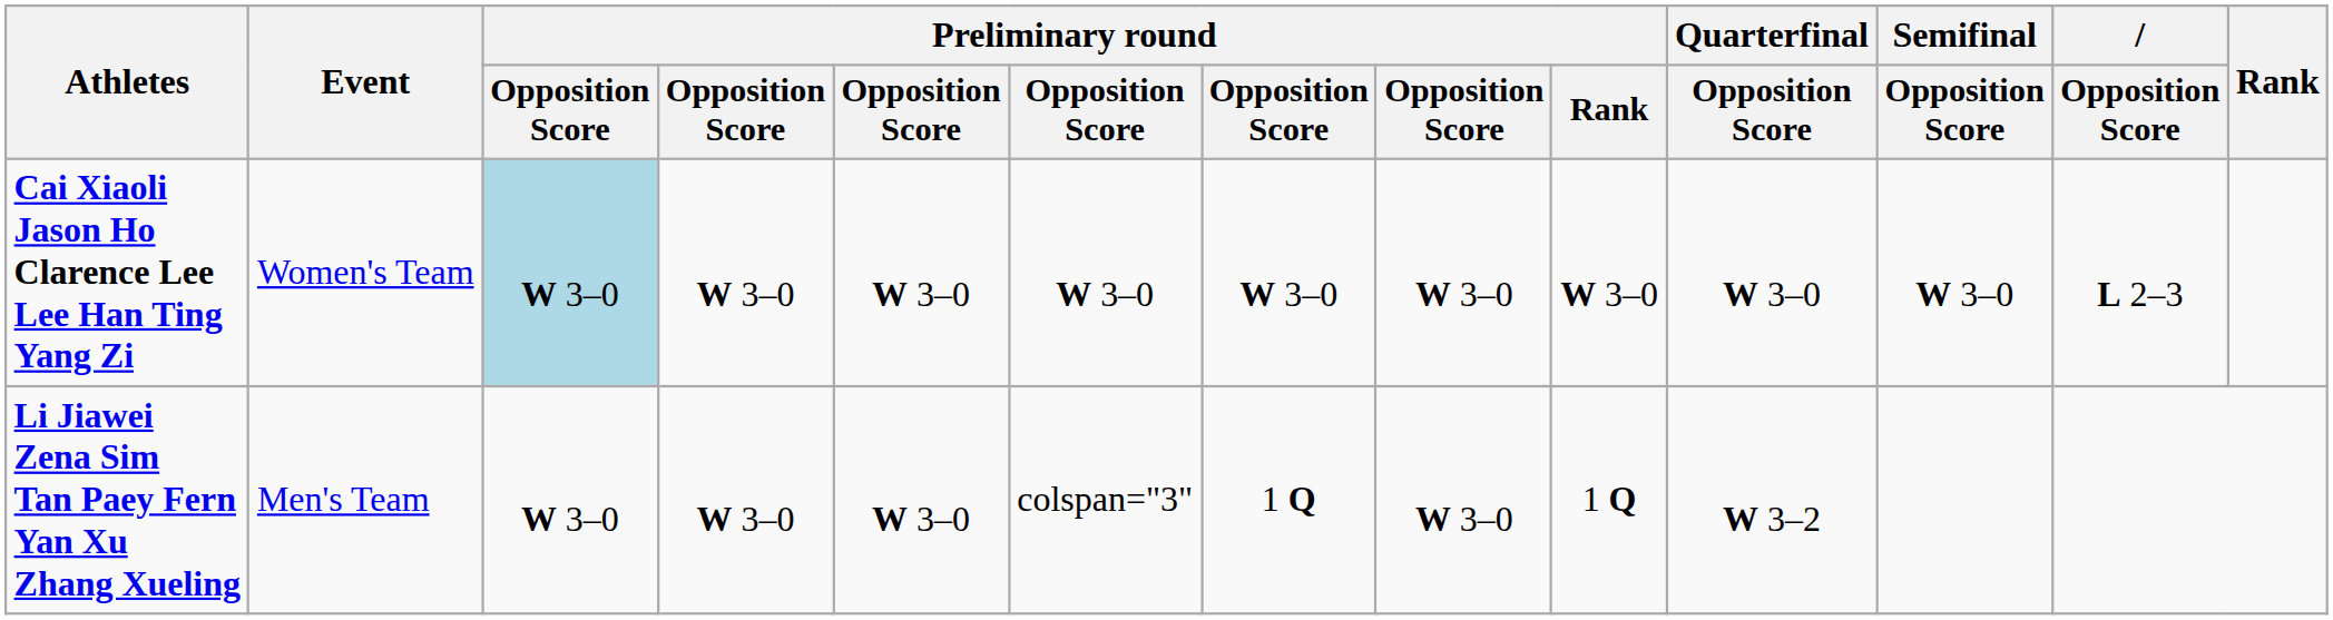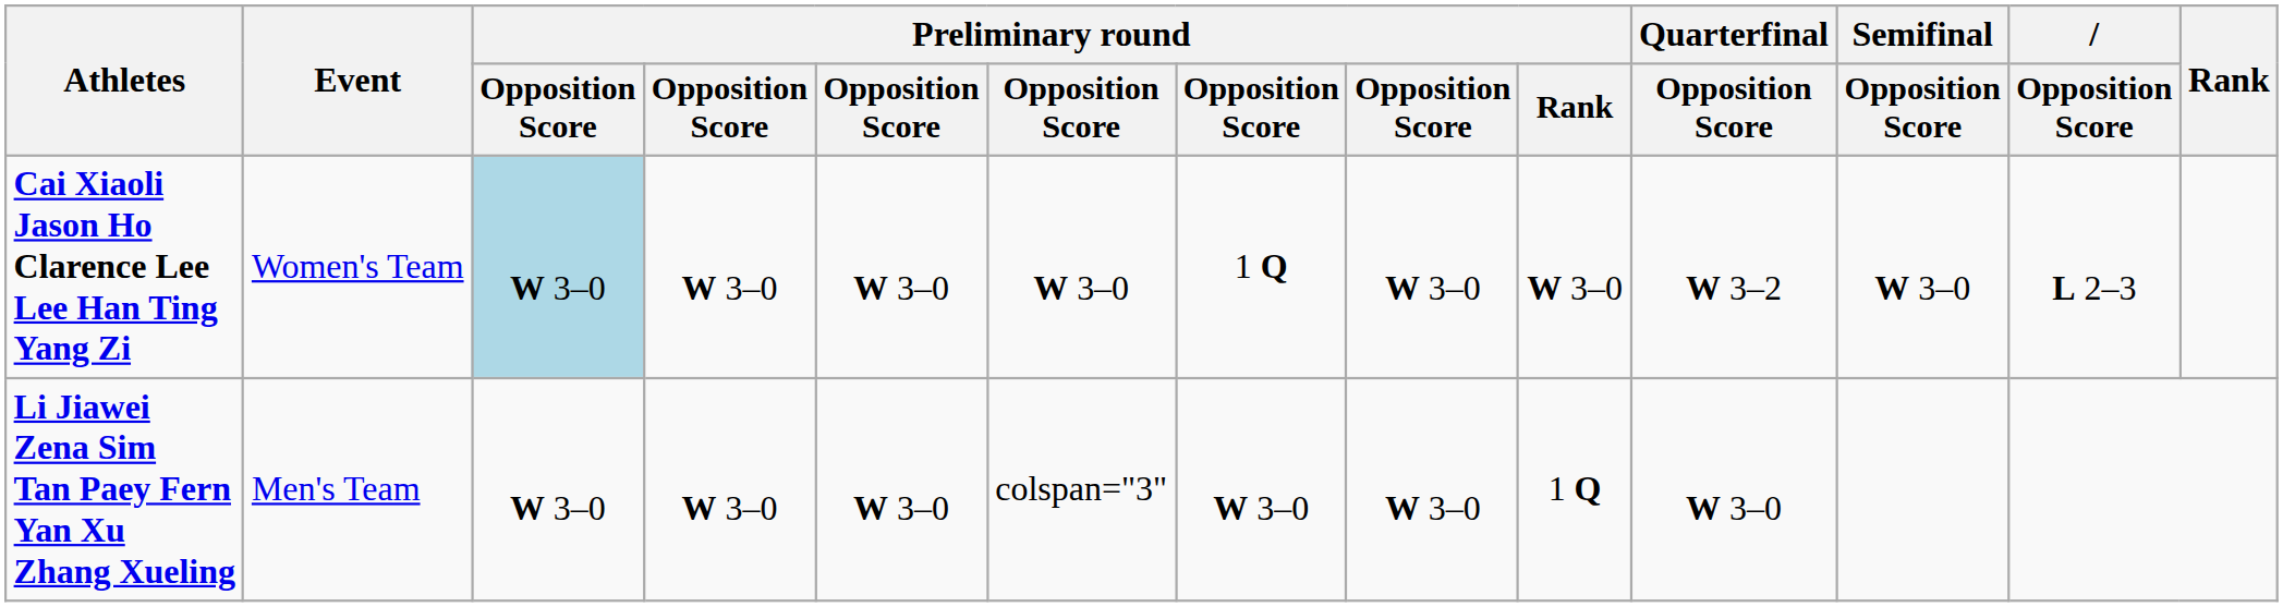 <table class="wikitable" style="font-size:90%">
 <tr>
 <th rowspan=2>Athletes</th>
 <th rowspan=2>Event</th>
 <th colspan="7">Preliminary round</th>
 <th>Quarterfinal</th>
 <th>Semifinal</th>
 <th> / </th>
 <th rowspan=2>Rank</th>
 </tr>
 <tr style="font-size:95%">
 <th>Opposition<br>Score</th>
 <th>Opposition<br>Score</th>
 <th>Opposition<br>Score</th>
 <th>Opposition<br>Score</th>
 <th>Opposition<br>Score</th>
 <th>Opposition<br>Score</th>
 <th>Rank</th>
 <th>Opposition<br>Score</th>
 <th>Opposition<br>Score</th>
 <th>Opposition<br>Score</th>
 </tr>
 <tr align=center>
 <td align=left><strong><a href='#'>Cai Xiaoli</a></strong><br><strong><a href='#'>Jason Ho</a></strong><br><strong>Clarence Lee</strong><br><strong><a href='#'>Lee Han Ting</a></strong><br><a href='#'><strong>Yang Zi</strong></a></td>
 <td align=left><a href='#'>Women's Team</a></td>
 <td style="background: lightblue;"><br><strong>W</strong> 3–0</td>
 <td><br><strong>W</strong> 3–0</td>
 <td><br><strong>W</strong> 3–0</td>
 <td><br><strong>W</strong> 3–0</td>
+<td>1 <strong>Q</strong></td>
 <td><br><strong>W</strong> 3–0</td>
 <td><br><strong>W</strong> 3–0</td>
-<td><br><strong>W</strong> 3–0</td>
-<td><br><strong>W</strong> 3–0</td>
+<td><br><strong>W</strong> 3–2</td>
 <td><br><strong>W</strong> 3–0</td>
 <td><br><strong>L</strong> 2–3</td>
 <td></td>
 </tr>
 <tr align=center>
 <td align=left><strong><a href='#'>Li Jiawei</a></strong><br><strong><a href='#'>Zena Sim</a></strong><br><strong><a href='#'>Tan Paey Fern</a></strong><br><a href='#'><strong>Yan Xu</strong></a><br><strong><a href='#'>Zhang Xueling</a></strong></td>
 <td align=left><a href='#'>Men's Team</a></td>
 <td><br><strong>W</strong> 3–0</td>
 <td><br><strong>W</strong> 3–0</td>
 <td><br><strong>W</strong> 3–0</td>
 <td>colspan="3" </td>
+<td><br><strong>W</strong> 3–0</td>
+<td><br><strong>W</strong> 3–0</td>
 <td>1 <strong>Q</strong></td>
 <td><br><strong>W</strong> 3–0</td>
-<td>1 <strong>Q</strong></td>
-<td><br><strong>W</strong> 3–2</td>
 <td></td>
 </tr>
 </table>
